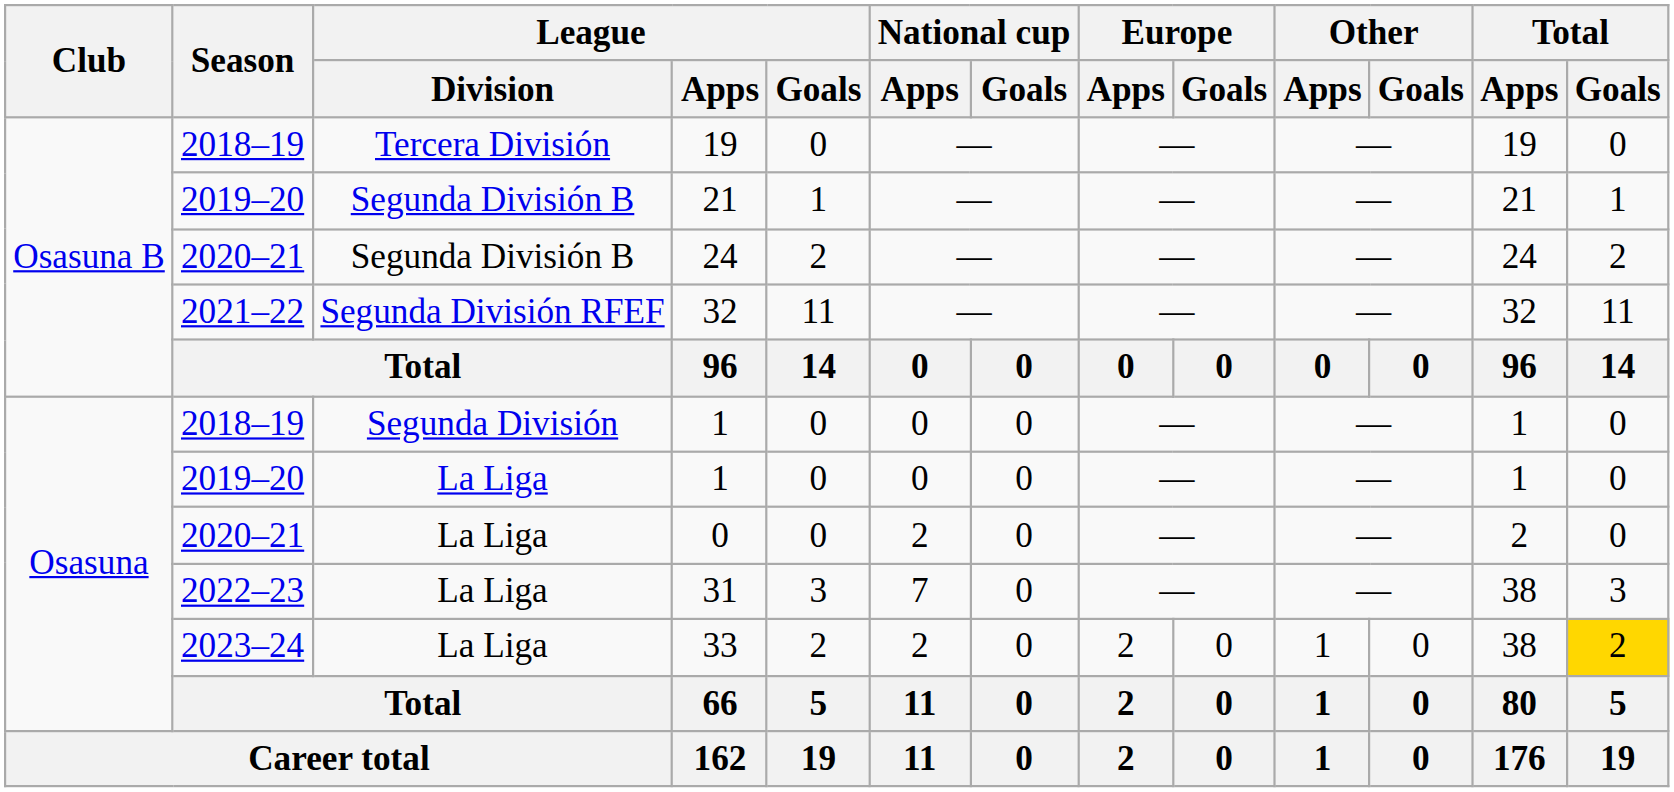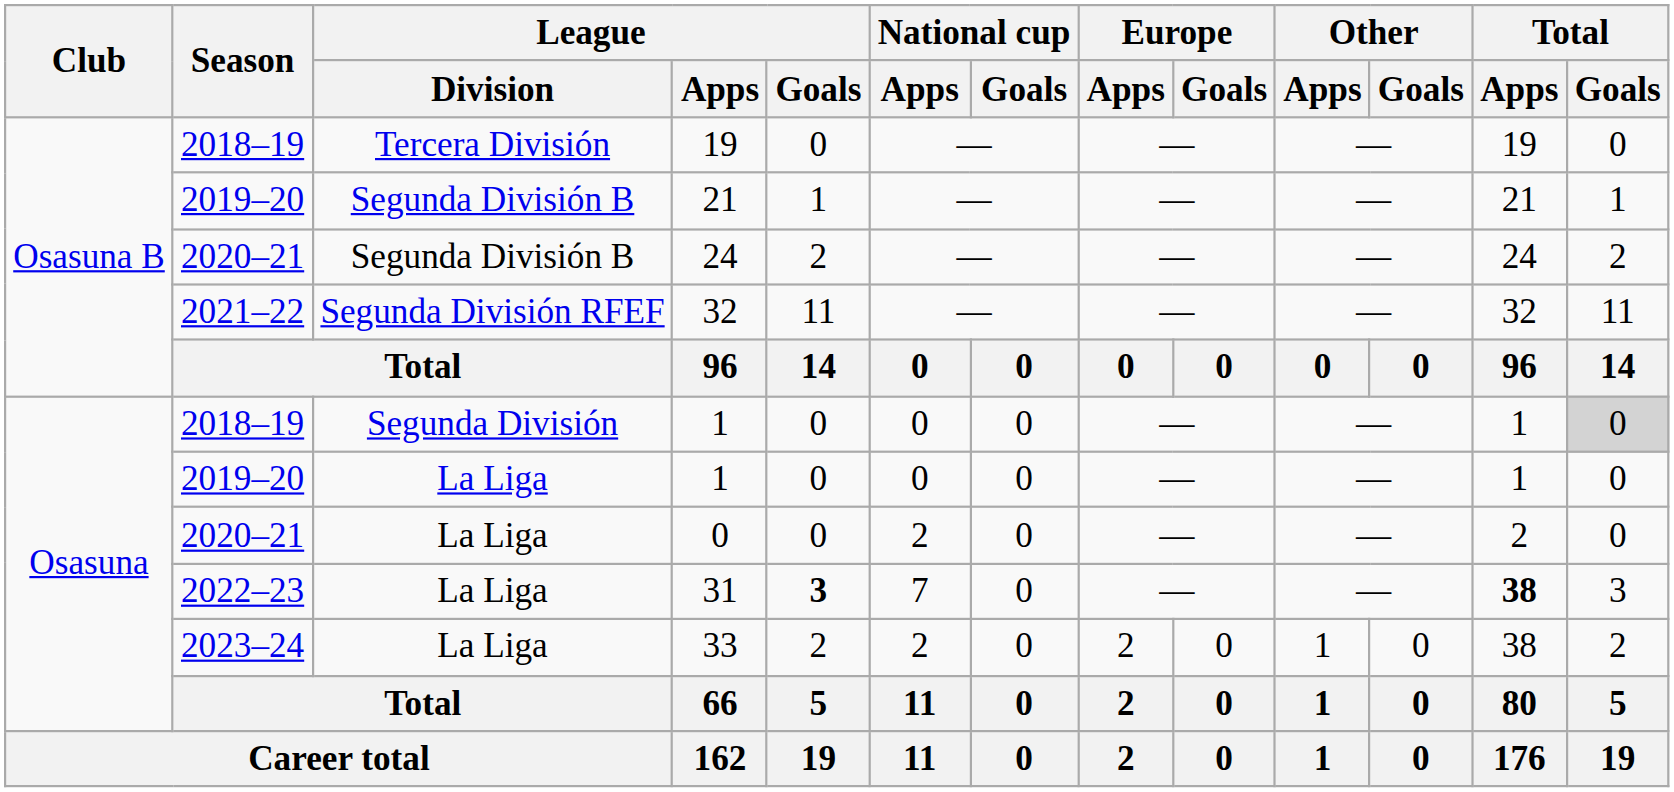 <table class="wikitable" style="text-align:center">
 <tr>
 <th rowspan="2">Club</th>
 <th rowspan="2">Season</th>
 <th colspan="3">League</th>
 <th colspan="2">National cup</th>
 <th colspan="2">Europe</th>
 <th colspan="2">Other</th>
 <th colspan="2">Total</th>
 </tr>
 <tr>
 <th>Division</th>
 <th>Apps</th>
 <th>Goals</th>
 <th>Apps</th>
 <th>Goals</th>
 <th>Apps</th>
 <th>Goals</th>
 <th>Apps</th>
 <th>Goals</th>
 <th>Apps</th>
 <th>Goals</th>
 </tr>
 <tr>
 <td rowspan="5"><a href='#'>Osasuna B</a></td>
 <td><a href='#'>2018–19</a></td>
 <td><a href='#'>Tercera División</a></td>
 <td>19</td>
 <td>0</td>
 <td colspan="2">—</td>
 <td colspan="2">—</td>
 <td colspan="2">—</td>
 <td>19</td>
 <td>0</td>
 </tr>
 <tr>
 <td><a href='#'>2019–20</a></td>
 <td><a href='#'>Segunda División B</a></td>
 <td>21</td>
 <td>1</td>
 <td colspan="2">—</td>
 <td colspan="2">—</td>
 <td colspan="2">—</td>
 <td>21</td>
 <td>1</td>
 </tr>
 <tr>
 <td><a href='#'>2020–21</a></td>
 <td>Segunda División B</td>
 <td>24</td>
 <td>2</td>
 <td colspan="2">—</td>
 <td colspan="2">—</td>
 <td colspan="2">—</td>
 <td>24</td>
 <td>2</td>
 </tr>
 <tr>
 <td><a href='#'>2021–22</a></td>
 <td><a href='#'>Segunda División RFEF</a></td>
 <td>32</td>
 <td>11</td>
 <td colspan="2">—</td>
 <td colspan="2">—</td>
 <td colspan="2">—</td>
 <td>32</td>
 <td>11</td>
 </tr>
 <tr>
 <th colspan="2">Total</th>
 <th>96</th>
 <th>14</th>
 <th>0</th>
 <th>0</th>
 <th>0</th>
 <th>0</th>
 <th>0</th>
 <th>0</th>
 <th>96</th>
 <th>14</th>
 </tr>
 <tr>
 <td rowspan="6"><a href='#'>Osasuna</a></td>
 <td><a href='#'>2018–19</a></td>
 <td><a href='#'>Segunda División</a></td>
 <td>1</td>
 <td>0</td>
 <td>0</td>
 <td>0</td>
 <td colspan="2">—</td>
 <td colspan="2">—</td>
 <td>1</td>
-<td>0</td>
+<td style="background: lightgrey;">0</td>
 </tr>
 <tr>
 <td><a href='#'>2019–20</a></td>
 <td><a href='#'>La Liga</a></td>
 <td>1</td>
 <td>0</td>
 <td>0</td>
 <td>0</td>
 <td colspan="2">—</td>
 <td colspan="2">—</td>
 <td>1</td>
 <td>0</td>
 </tr>
 <tr>
 <td><a href='#'>2020–21</a></td>
 <td>La Liga</td>
 <td>0</td>
 <td>0</td>
 <td>2</td>
 <td>0</td>
 <td colspan="2">—</td>
 <td colspan="2">—</td>
 <td>2</td>
 <td>0</td>
 </tr>
 <tr>
 <td><a href='#'>2022–23</a></td>
 <td>La Liga</td>
 <td>31</td>
-<td>3</td>
+<td><strong>3</strong></td>
 <td>7</td>
 <td>0</td>
 <td colspan="2">—</td>
 <td colspan="2">—</td>
-<td>38</td>
+<td><strong>38</strong></td>
 <td>3</td>
 </tr>
 <tr>
 <td><a href='#'>2023–24</a></td>
 <td>La Liga</td>
 <td>33</td>
 <td>2</td>
 <td>2</td>
 <td>0</td>
 <td>2</td>
 <td>0</td>
 <td>1</td>
 <td>0</td>
 <td>38</td>
-<td style="background: gold;">2</td>
+<td>2</td>
 </tr>
 <tr>
 <th colspan="2">Total</th>
 <th>66</th>
 <th>5</th>
 <th>11</th>
 <th>0</th>
 <th>2</th>
 <th>0</th>
 <th>1</th>
 <th>0</th>
 <th>80</th>
 <th>5</th>
 </tr>
 <tr>
 <th colspan="3">Career total</th>
 <th>162</th>
 <th>19</th>
 <th>11</th>
 <th>0</th>
 <th>2</th>
 <th>0</th>
 <th>1</th>
 <th>0</th>
 <th>176</th>
 <th>19</th>
 </tr>
 </table>
